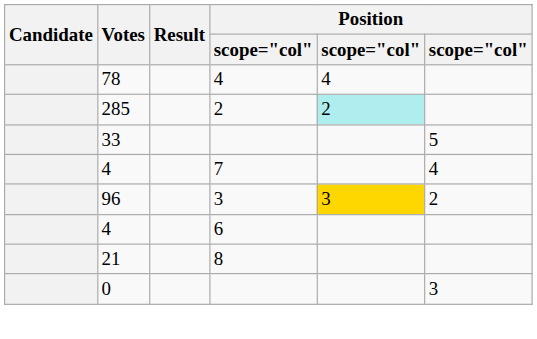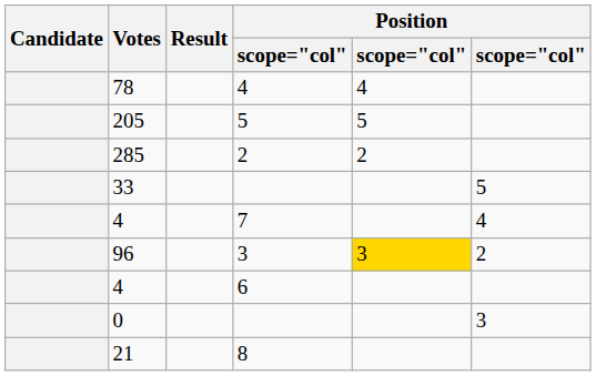 <table class="wikitable sortable defaultright col3left">
 <tr>
 <th scope="col" rowspan="2">Candidate</th>
 <th scope="col" rowspan="2">Votes</th>
 <th scope="col" rowspan="2">Result</th>
 <th scope="col" colspan="3">Position</th>
 </tr>
 <tr>
 <th>scope="col" </th>
 <th>scope="col" </th>
 <th>scope="col" </th>
 </tr>
 <tr>
 <th scope="row"></th>
 <td>78</td>
 <td></td>
 <td>4</td>
 <td>4</td>
 <td></td>
 </tr>
 <tr>
 <th scope="row"></th>
+<td>205</td>
+<td></td>
+<td>5</td>
+<td>5</td>
+<td></td>
+</tr>
+<tr>
+<th scope="row"></th>
 <td>285</td>
 <td></td>
 <td>2</td>
-<td style="background: paleturquoise;">2</td>
+<td>2</td>
 <td></td>
 </tr>
 <tr>
 <th scope="row"></th>
 <td>33</td>
 <td></td>
 <td></td>
 <td></td>
 <td>5</td>
 </tr>
 <tr>
 <th scope="row"></th>
 <td>4</td>
 <td></td>
 <td>7</td>
 <td></td>
 <td>4</td>
 </tr>
 <tr>
 <th scope="row"></th>
 <td>96</td>
 <td></td>
 <td>3</td>
 <td style="background: gold;">3</td>
 <td>2</td>
 </tr>
 <tr>
 <th scope="row"></th>
 <td>4</td>
 <td></td>
 <td>6</td>
 <td></td>
 <td></td>
 </tr>
 <tr>
 <th scope="row"></th>
+<td>0</td>
+<td></td>
+<td></td>
+<td></td>
+<td>3</td>
+</tr>
+<tr>
+<th scope="row"></th>
 <td>21</td>
 <td></td>
 <td>8</td>
 <td></td>
 <td></td>
 </tr>
-<tr>
-<th scope="row"></th>
-<td>0</td>
-<td></td>
-<td></td>
-<td></td>
-<td>3</td>
-</tr>
 </table>
